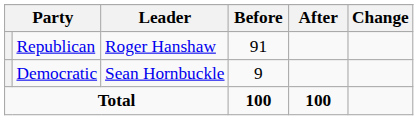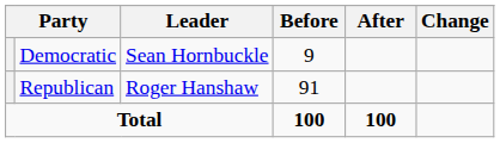 <table class="wikitable" style="text-align:center;">
 <tr>
 </tr>
 <tr>
 <th colspan="2">Party</th>
 <th>Leader</th>
 <th style="width:3em">Before</th>
 <th style="width:3em">After</th>
 <th style="width:3em">Change</th>
 </tr>
 <tr>
 <th style="background-color:"></th>
-<td style="text-align:left;"><a href='#'>Republican</a></td>
-<td style="text-align:left;"><a href='#'>Roger Hanshaw</a></td>
-<td>91</td>
+<td style="text-align:left;"><a href='#'>Democratic</a></td>
+<td style="text-align:left;"><a href='#'>Sean Hornbuckle</a></td>
+<td>9</td>
 <td></td>
 <td></td>
 </tr>
 <tr>
 <th style="background-color:"></th>
-<td style="text-align:left;"><a href='#'>Democratic</a></td>
-<td style="text-align:left;"><a href='#'>Sean Hornbuckle</a></td>
-<td>9</td>
+<td style="text-align:left;"><a href='#'>Republican</a></td>
+<td style="text-align:left;"><a href='#'>Roger Hanshaw</a></td>
+<td>91</td>
 <td></td>
 <td></td>
 </tr>
 <tr>
 <td colspan="3"><strong>Total</strong></td>
 <td><strong>100</strong></td>
 <td><strong>100</strong></td>
 <td></td>
 </tr>
 </table>
